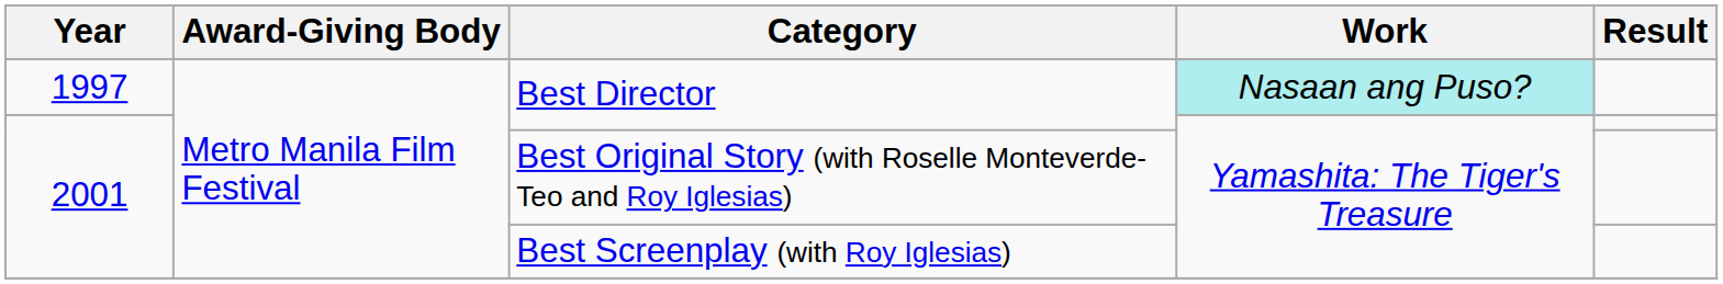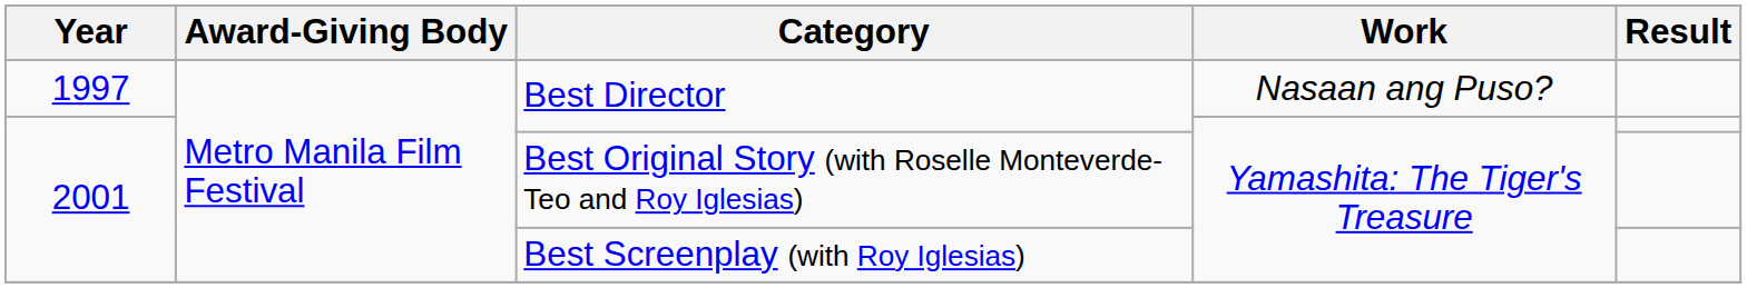 <table | width="90%" class="wikitable sortable">
 <tr>
 <th width="10%">Year</th>
 <th width="20%">Award-Giving Body</th>
 <th width="40%">Category</th>
 <th width="25%">Work</th>
 <th width="10%">Result</th>
 </tr>
 <tr>
 <td align="center"><a href='#'>1997</a></td>
 <td rowspan="4" align="left"><a href='#'>Metro Manila Film Festival</a></td>
 <td align="left" rowspan=2><a href='#'>Best Director</a></td>
-<td align="center" style="background: paleturquoise;"><em>Nasaan ang Puso?</em></td>
+<td align="center"><em>Nasaan ang Puso?</em></td>
 <td></td>
 </tr>
 <tr>
 <td rowspan="3" align="center"><a href='#'>2001</a></td>
 <td align="center" rowspan="3"><em><a href='#'>Yamashita: The Tiger's Treasure</a></em></td>
 <td></td>
 </tr>
 <tr>
 <td align="left"><a href='#'>Best Original Story</a> <small>(with Roselle Monteverde-Teo and <a href='#'>Roy Iglesias</a>)</small></td>
 <td></td>
 </tr>
 <tr>
 <td align="left"><a href='#'>Best Screenplay</a> <small>(with <a href='#'>Roy Iglesias</a>)</small></td>
 <td></td>
 </tr>
 <tr>
 </tr>
 </table>
